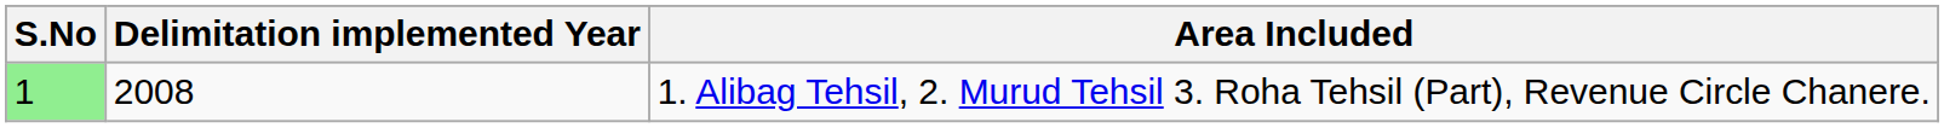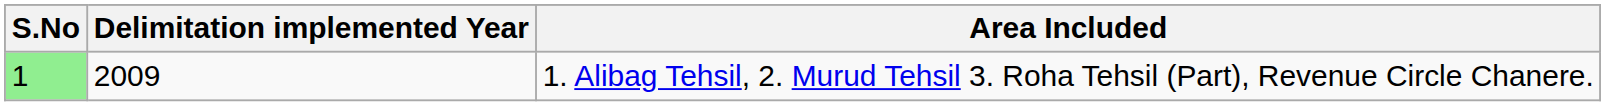 <table class="wikitable sortable">
 <tr>
 <th>S.No</th>
 <th>Delimitation implemented Year</th>
 <th>Area Included</th>
 </tr>
 <tr>
 <td style="background: lightgreen;">1</td>
-<td>2008</td>
+<td>2009</td>
 <td>1. <a href='#'>Alibag Tehsil</a>, 2. <a href='#'>Murud Tehsil</a> 3. Roha Tehsil (Part), Revenue Circle Chanere.</td>
 </tr>
 </table>
